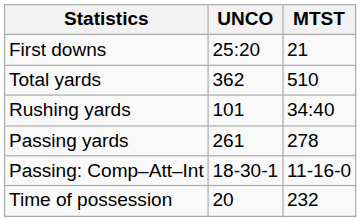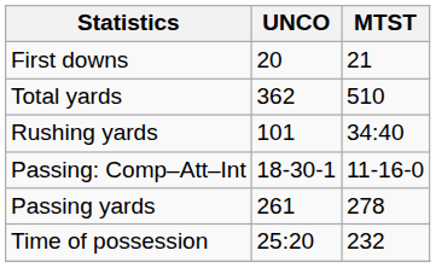 <table class="wikitable" style="float: left;">
 <tr>
 <th>Statistics</th>
 <th>UNCO</th>
 <th>MTST</th>
 </tr>
 <tr>
 <td>First downs</td>
-<td>25:20</td>
+<td>20</td>
 <td>21</td>
 </tr>
 <tr>
 <td>Total yards</td>
 <td>362</td>
 <td>510</td>
 </tr>
 <tr>
 <td>Rushing yards</td>
 <td>101</td>
 <td>34:40</td>
 </tr>
 <tr>
+<td>Passing: Comp–Att–Int</td>
+<td>18-30-1</td>
+<td>11-16-0</td>
+</tr>
+<tr>
 <td>Passing yards</td>
 <td>261</td>
 <td>278</td>
 </tr>
 <tr>
-<td>Passing: Comp–Att–Int</td>
-<td>18-30-1</td>
-<td>11-16-0</td>
-</tr>
-<tr>
 <td>Time of possession</td>
-<td>20</td>
+<td>25:20</td>
 <td>232</td>
 </tr>
 <tr>
 </tr>
 </table>
